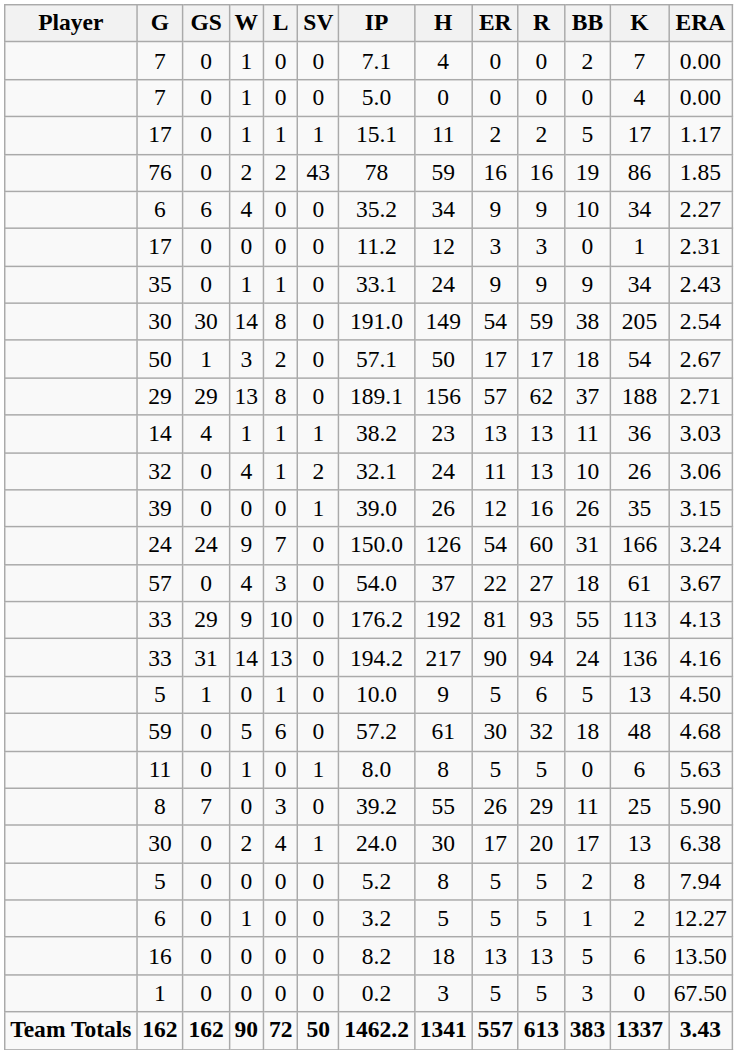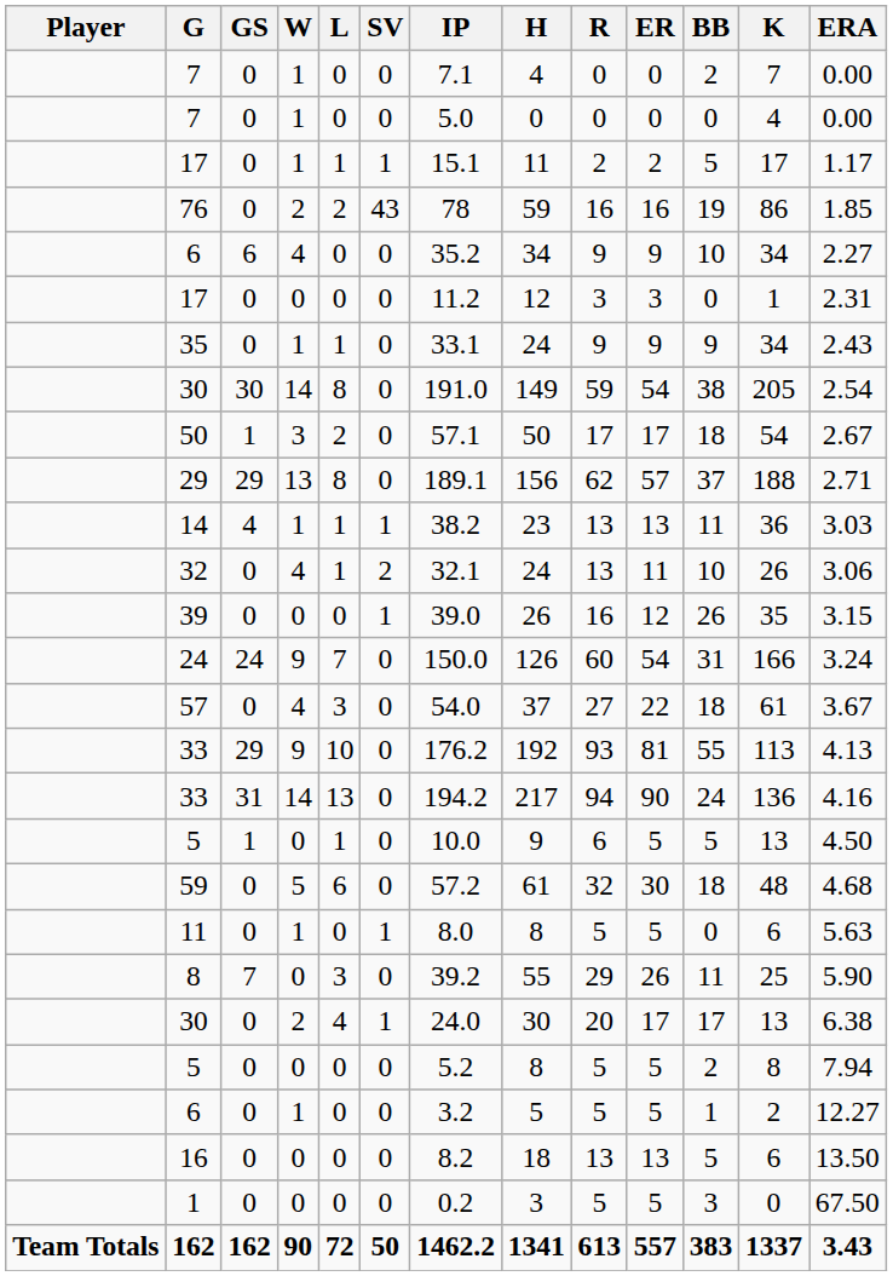 <table class="wikitable sortable" style="text-align:center">
 <tr>
 <th>Player</th>
 <th>G</th>
 <th>GS</th>
 <th>W</th>
 <th>L</th>
 <th>SV</th>
 <th>IP</th>
 <th>H</th>
+<th>R</th>
 <th>ER</th>
-<th>R</th>
 <th>BB</th>
 <th>K</th>
 <th>ERA</th>
 </tr>
 <tr>
 <td></td>
 <td>7</td>
 <td>0</td>
 <td>1</td>
 <td>0</td>
 <td>0</td>
 <td>7.1</td>
 <td>4</td>
 <td>0</td>
 <td>0</td>
 <td>2</td>
 <td>7</td>
 <td>0.00</td>
 </tr>
 <tr>
 <td></td>
 <td>7</td>
 <td>0</td>
 <td>1</td>
 <td>0</td>
 <td>0</td>
 <td>5.0</td>
 <td>0</td>
 <td>0</td>
 <td>0</td>
 <td>0</td>
 <td>4</td>
 <td>0.00</td>
 </tr>
 <tr>
 <td></td>
 <td>17</td>
 <td>0</td>
 <td>1</td>
 <td>1</td>
 <td>1</td>
 <td>15.1</td>
 <td>11</td>
 <td>2</td>
 <td>2</td>
 <td>5</td>
 <td>17</td>
 <td>1.17</td>
 </tr>
 <tr>
 <td><strong></strong></td>
 <td>76</td>
 <td>0</td>
 <td>2</td>
 <td>2</td>
 <td>43</td>
 <td>78</td>
 <td>59</td>
 <td>16</td>
 <td>16</td>
 <td>19</td>
 <td>86</td>
 <td>1.85</td>
 </tr>
 <tr>
 <td><strong></strong></td>
 <td>6</td>
 <td>6</td>
 <td>4</td>
 <td>0</td>
 <td>0</td>
 <td>35.2</td>
 <td>34</td>
 <td>9</td>
 <td>9</td>
 <td>10</td>
 <td>34</td>
 <td>2.27</td>
 </tr>
 <tr>
 <td></td>
 <td>17</td>
 <td>0</td>
 <td>0</td>
 <td>0</td>
 <td>0</td>
 <td>11.2</td>
 <td>12</td>
 <td>3</td>
 <td>3</td>
 <td>0</td>
 <td>1</td>
 <td>2.31</td>
 </tr>
 <tr>
 <td></td>
 <td>35</td>
 <td>0</td>
 <td>1</td>
 <td>1</td>
 <td>0</td>
 <td>33.1</td>
 <td>24</td>
 <td>9</td>
 <td>9</td>
 <td>9</td>
 <td>34</td>
 <td>2.43</td>
 </tr>
 <tr>
 <td><strong></strong></td>
 <td>30</td>
 <td>30</td>
 <td>14</td>
 <td>8</td>
 <td>0</td>
 <td>191.0</td>
 <td>149</td>
+<td>59</td>
 <td>54</td>
-<td>59</td>
 <td>38</td>
 <td>205</td>
 <td>2.54</td>
 </tr>
 <tr>
 <td></td>
 <td>50</td>
 <td>1</td>
 <td>3</td>
 <td>2</td>
 <td>0</td>
 <td>57.1</td>
 <td>50</td>
 <td>17</td>
 <td>17</td>
 <td>18</td>
 <td>54</td>
 <td>2.67</td>
 </tr>
 <tr>
 <td></td>
 <td>29</td>
 <td>29</td>
 <td>13</td>
 <td>8</td>
 <td>0</td>
 <td>189.1</td>
 <td>156</td>
+<td>62</td>
 <td>57</td>
-<td>62</td>
 <td>37</td>
 <td>188</td>
 <td>2.71</td>
 </tr>
 <tr>
 <td></td>
 <td>14</td>
 <td>4</td>
 <td>1</td>
 <td>1</td>
 <td>1</td>
 <td>38.2</td>
 <td>23</td>
 <td>13</td>
 <td>13</td>
 <td>11</td>
 <td>36</td>
 <td>3.03</td>
 </tr>
 <tr>
 <td></td>
 <td>32</td>
 <td>0</td>
 <td>4</td>
 <td>1</td>
 <td>2</td>
 <td>32.1</td>
 <td>24</td>
+<td>13</td>
 <td>11</td>
-<td>13</td>
 <td>10</td>
 <td>26</td>
 <td>3.06</td>
 </tr>
 <tr>
 <td></td>
 <td>39</td>
 <td>0</td>
 <td>0</td>
 <td>0</td>
 <td>1</td>
 <td>39.0</td>
 <td>26</td>
+<td>16</td>
 <td>12</td>
-<td>16</td>
 <td>26</td>
 <td>35</td>
 <td>3.15</td>
 </tr>
 <tr>
 <td><strong></strong></td>
 <td>24</td>
 <td>24</td>
 <td>9</td>
 <td>7</td>
 <td>0</td>
 <td>150.0</td>
 <td>126</td>
+<td>60</td>
 <td>54</td>
-<td>60</td>
 <td>31</td>
 <td>166</td>
 <td>3.24</td>
 </tr>
 <tr>
 <td></td>
 <td>57</td>
 <td>0</td>
 <td>4</td>
 <td>3</td>
 <td>0</td>
 <td>54.0</td>
 <td>37</td>
+<td>27</td>
 <td>22</td>
-<td>27</td>
 <td>18</td>
 <td>61</td>
 <td>3.67</td>
 </tr>
 <tr>
 <td></td>
 <td>33</td>
 <td>29</td>
 <td>9</td>
 <td>10</td>
 <td>0</td>
 <td>176.2</td>
 <td>192</td>
+<td>93</td>
 <td>81</td>
-<td>93</td>
 <td>55</td>
 <td>113</td>
 <td>4.13</td>
 </tr>
 <tr>
 <td></td>
 <td>33</td>
 <td>31</td>
 <td>14</td>
 <td>13</td>
 <td>0</td>
 <td>194.2</td>
 <td>217</td>
+<td>94</td>
 <td>90</td>
-<td>94</td>
 <td>24</td>
 <td>136</td>
 <td>4.16</td>
 </tr>
 <tr>
 <td></td>
 <td>5</td>
 <td>1</td>
 <td>0</td>
 <td>1</td>
 <td>0</td>
 <td>10.0</td>
 <td>9</td>
+<td>6</td>
 <td>5</td>
-<td>6</td>
 <td>5</td>
 <td>13</td>
 <td>4.50</td>
 </tr>
 <tr>
 <td></td>
 <td>59</td>
 <td>0</td>
 <td>5</td>
 <td>6</td>
 <td>0</td>
 <td>57.2</td>
 <td>61</td>
+<td>32</td>
 <td>30</td>
-<td>32</td>
 <td>18</td>
 <td>48</td>
 <td>4.68</td>
 </tr>
 <tr>
 <td></td>
 <td>11</td>
 <td>0</td>
 <td>1</td>
 <td>0</td>
 <td>1</td>
 <td>8.0</td>
 <td>8</td>
 <td>5</td>
 <td>5</td>
 <td>0</td>
 <td>6</td>
 <td>5.63</td>
 </tr>
 <tr>
 <td></td>
 <td>8</td>
 <td>7</td>
 <td>0</td>
 <td>3</td>
 <td>0</td>
 <td>39.2</td>
 <td>55</td>
+<td>29</td>
 <td>26</td>
-<td>29</td>
 <td>11</td>
 <td>25</td>
 <td>5.90</td>
 </tr>
 <tr>
 <td></td>
 <td>30</td>
 <td>0</td>
 <td>2</td>
 <td>4</td>
 <td>1</td>
 <td>24.0</td>
 <td>30</td>
+<td>20</td>
 <td>17</td>
-<td>20</td>
 <td>17</td>
 <td>13</td>
 <td>6.38</td>
 </tr>
 <tr>
 <td></td>
 <td>5</td>
 <td>0</td>
 <td>0</td>
 <td>0</td>
 <td>0</td>
 <td>5.2</td>
 <td>8</td>
 <td>5</td>
 <td>5</td>
 <td>2</td>
 <td>8</td>
 <td>7.94</td>
 </tr>
 <tr>
 <td></td>
 <td>6</td>
 <td>0</td>
 <td>1</td>
 <td>0</td>
 <td>0</td>
 <td>3.2</td>
 <td>5</td>
 <td>5</td>
 <td>5</td>
 <td>1</td>
 <td>2</td>
 <td>12.27</td>
 </tr>
 <tr>
 <td></td>
 <td>16</td>
 <td>0</td>
 <td>0</td>
 <td>0</td>
 <td>0</td>
 <td>8.2</td>
 <td>18</td>
 <td>13</td>
 <td>13</td>
 <td>5</td>
 <td>6</td>
 <td>13.50</td>
 </tr>
 <tr>
 <td></td>
 <td>1</td>
 <td>0</td>
 <td>0</td>
 <td>0</td>
 <td>0</td>
 <td>0.2</td>
 <td>3</td>
 <td>5</td>
 <td>5</td>
 <td>3</td>
 <td>0</td>
 <td>67.50</td>
 </tr>
 <tr>
 <td><strong>Team Totals</strong></td>
 <td><strong>162</strong></td>
 <td><strong>162</strong></td>
 <td><strong>90</strong></td>
 <td><strong>72</strong></td>
 <td><strong>50</strong></td>
 <td><strong>1462.2</strong></td>
 <td><strong>1341</strong></td>
+<td><strong>613</strong></td>
 <td><strong>557</strong></td>
-<td><strong>613</strong></td>
 <td><strong>383</strong></td>
 <td><strong>1337</strong></td>
 <td><strong>3.43</strong></td>
 </tr>
 </table>
